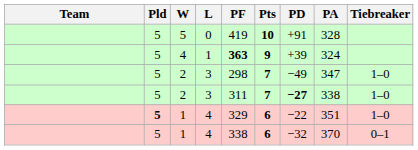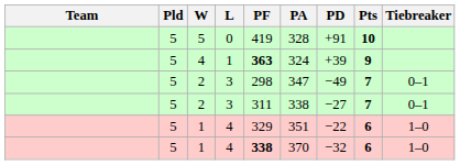 <table class="wikitable" style="text-align:center;">
 <tr>
 <th width=170>Team</th>
 <th width=25>Pld</th>
 <th width=25>W</th>
 <th width=25>L</th>
 <th width=35>PF</th>
+<th width=35>PA</th>
+<th width=35>PD</th>
 <th width=25>Pts</th>
-<th width=35>PD</th>
-<th width=35>PA</th>
 <th width=50>Tiebreaker</th>
 </tr>
 <tr bgcolor=ccffcc>
 <td align="left"></td>
 <td>5</td>
 <td>5</td>
 <td>0</td>
 <td>419</td>
+<td>328</td>
+<td>+91</td>
 <td><strong>10</strong></td>
-<td>+91</td>
-<td>328</td>
 <td></td>
 </tr>
 <tr bgcolor=ccffcc>
 <td align="left"></td>
 <td>5</td>
 <td>4</td>
 <td>1</td>
 <td><strong>363</strong></td>
+<td>324</td>
+<td>+39</td>
 <td><strong>9</strong></td>
-<td>+39</td>
-<td>324</td>
 <td></td>
 </tr>
 <tr bgcolor=ccffcc>
 <td align="left"></td>
 <td>5</td>
 <td>2</td>
 <td>3</td>
 <td>298</td>
+<td>347</td>
+<td>−49</td>
 <td><strong>7</strong></td>
-<td>−49</td>
-<td>347</td>
-<td>1–0</td>
+<td>0–1</td>
 </tr>
 <tr bgcolor=ccffcc>
 <td align="left"></td>
 <td>5</td>
 <td>2</td>
 <td>3</td>
 <td>311</td>
+<td>338</td>
+<td>−27</td>
 <td><strong>7</strong></td>
-<td><strong>−27</strong></td>
-<td>338</td>
-<td>1–0</td>
+<td>0–1</td>
 </tr>
 <tr bgcolor=ffcccc>
 <td align="left"></td>
-<td><strong>5</strong></td>
+<td>5</td>
 <td>1</td>
 <td>4</td>
 <td>329</td>
+<td>351</td>
+<td>−22</td>
 <td><strong>6</strong></td>
-<td>−22</td>
-<td>351</td>
 <td>1–0</td>
 </tr>
 <tr bgcolor=ffcccc>
 <td align="left"></td>
 <td>5</td>
 <td>1</td>
 <td>4</td>
-<td>338</td>
+<td><strong>338</strong></td>
+<td>370</td>
+<td>−32</td>
 <td><strong>6</strong></td>
-<td>−32</td>
-<td>370</td>
-<td>0–1</td>
+<td>1–0</td>
 </tr>
 </table>
